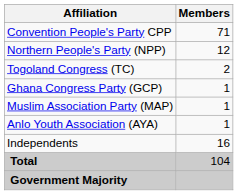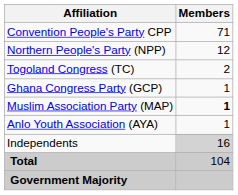 <table class="wikitable">
 <tr>
 <th>Affiliation</th>
 <th>Members</th>
 </tr>
 <tr>
 <td><a href='#'>Convention People's Party</a> CPP</td>
 <td align="right">71</td>
 </tr>
 <tr>
 <td><a href='#'>Northern People's Party</a> (NPP)</td>
 <td align="right">12</td>
 </tr>
 <tr>
 <td><a href='#'>Togoland Congress</a> (TC)</td>
 <td align="right">2</td>
 </tr>
 <tr>
 <td><a href='#'>Ghana Congress Party</a> (GCP)</td>
 <td align="right">1</td>
 </tr>
 <tr>
 <td><a href='#'>Muslim Association Party</a> (MAP)</td>
-<td align="right">1</td>
+<td align="right"><strong>1</strong></td>
 </tr>
 <tr>
 <td><a href='#'>Anlo Youth Association</a> (AYA)</td>
 <td align="right">1</td>
 </tr>
 <tr>
 <td>Independents</td>
-<td align="right">16</td>
+<td align="right" style="background: lightgrey;">16</td>
 </tr>
 <tr bgcolor="#cccccc">
 <td> <strong>Total</strong></td>
 <td align="right">104</td>
 </tr>
 <tr bgcolor="#cccccc">
 <td> <strong>Government Majority</strong></td>
 <td align="right"></td>
 </tr>
 </table>
